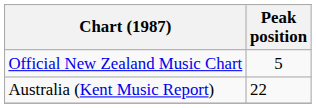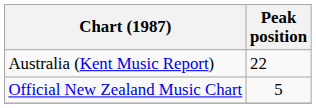 <table class="wikitable">
 <tr>
 <th scope="col">Chart (1987)</th>
 <th>Peak<br>position</th>
 </tr>
 <tr>
+<td>Australia (<a href='#'>Kent Music Report</a>)</td>
+<td>22</td>
+</tr>
+<tr>
 <td><a href='#'>Official New Zealand Music Chart</a></td>
 <td style="text-align:center;">5</td>
 </tr>
 <tr>
-<td>Australia (<a href='#'>Kent Music Report</a>)</td>
-<td>22</td>
-</tr>
-<tr>
 </tr>
 </table>
